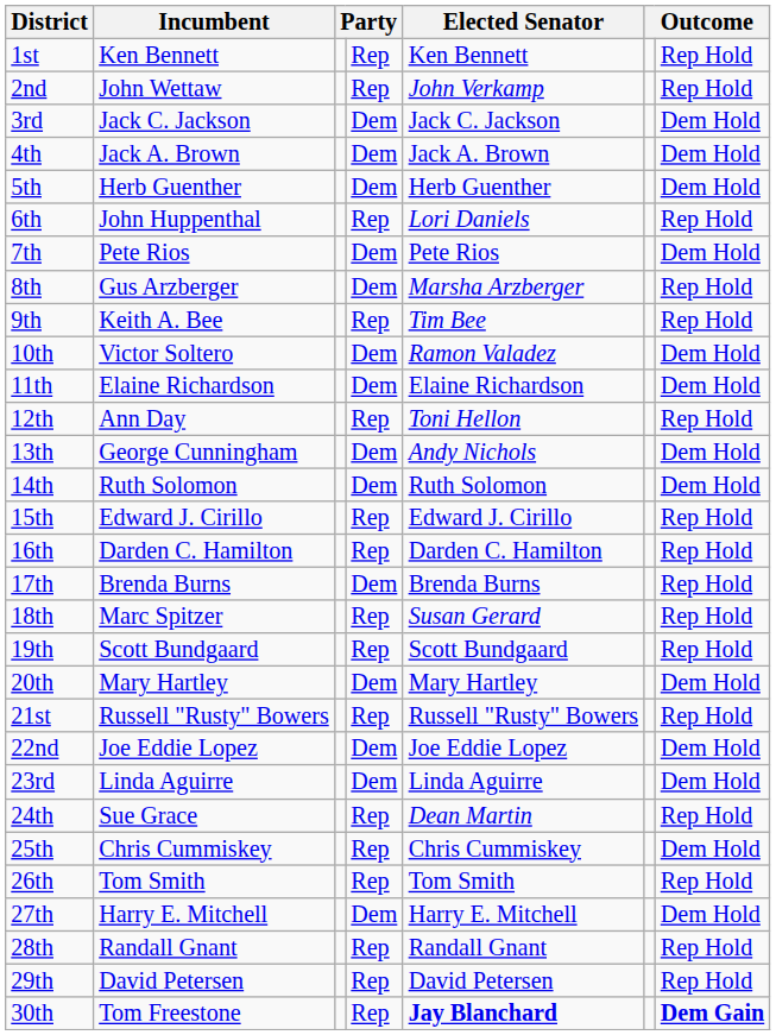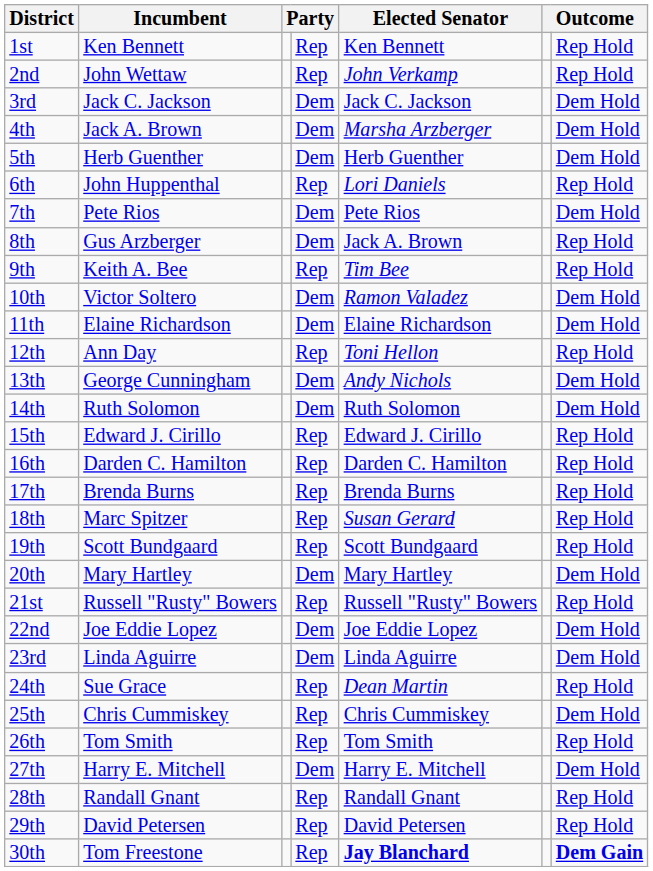 <table class="sortable wikitable" style="font-size:95%;line-height:14px;">
 <tr>
 <th>District</th>
 <th>Incumbent</th>
 <th colspan="2">Party</th>
 <th>Elected Senator</th>
 <th colspan="2">Outcome</th>
 </tr>
 <tr>
 <td><a href='#'>1st</a></td>
 <td><a href='#'>Ken Bennett</a></td>
 <td style="background:"></td>
 <td><a href='#'>Rep</a></td>
 <td><a href='#'>Ken Bennett</a></td>
 <td style="background:"></td>
 <td><a href='#'>Rep Hold</a></td>
 </tr>
 <tr>
 <td><a href='#'>2nd</a></td>
 <td><a href='#'>John Wettaw</a></td>
 <td style="background:"></td>
 <td><a href='#'>Rep</a></td>
 <td><em><a href='#'>John Verkamp</a></em></td>
 <td style="background:"></td>
 <td><a href='#'>Rep Hold</a></td>
 </tr>
 <tr>
 <td><a href='#'>3rd</a></td>
 <td><a href='#'>Jack C. Jackson</a></td>
 <td style="background:"></td>
 <td><a href='#'>Dem</a></td>
 <td><a href='#'>Jack C. Jackson</a></td>
 <td style="background:"></td>
 <td><a href='#'>Dem Hold</a></td>
 </tr>
 <tr>
 <td><a href='#'>4th</a></td>
 <td><a href='#'>Jack A. Brown</a></td>
 <td style="background:"></td>
 <td><a href='#'>Dem</a></td>
-<td><a href='#'>Jack A. Brown</a></td>
+<td><em><a href='#'>Marsha Arzberger</a></em></td>
 <td style="background:"></td>
 <td><a href='#'>Dem Hold</a></td>
 </tr>
 <tr>
 <td><a href='#'>5th</a></td>
 <td><a href='#'>Herb Guenther</a></td>
 <td style="background:"></td>
 <td><a href='#'>Dem</a></td>
 <td><a href='#'>Herb Guenther</a></td>
 <td style="background:"></td>
 <td><a href='#'>Dem Hold</a></td>
 </tr>
 <tr>
 <td><a href='#'>6th</a></td>
 <td><a href='#'>John Huppenthal</a></td>
 <td style="background:"></td>
 <td><a href='#'>Rep</a></td>
 <td><em><a href='#'>Lori Daniels</a></em></td>
 <td style="background:"></td>
 <td><a href='#'>Rep Hold</a></td>
 </tr>
 <tr>
 <td><a href='#'>7th</a></td>
 <td><a href='#'>Pete Rios</a></td>
 <td style="background:"></td>
 <td><a href='#'>Dem</a></td>
 <td><a href='#'>Pete Rios</a></td>
 <td style="background:"></td>
 <td><a href='#'>Dem Hold</a></td>
 </tr>
 <tr>
 <td><a href='#'>8th</a></td>
 <td><a href='#'>Gus Arzberger</a></td>
 <td style="background:"></td>
 <td><a href='#'>Dem</a></td>
-<td><em><a href='#'>Marsha Arzberger</a></em></td>
+<td><a href='#'>Jack A. Brown</a></td>
 <td style="background:"></td>
 <td><a href='#'>Rep Hold</a></td>
 </tr>
 <tr>
 <td><a href='#'>9th</a></td>
 <td><a href='#'>Keith A. Bee</a></td>
 <td style="background:"></td>
 <td><a href='#'>Rep</a></td>
 <td><em><a href='#'>Tim Bee</a></em></td>
 <td style="background:"></td>
 <td><a href='#'>Rep Hold</a></td>
 </tr>
 <tr>
 <td><a href='#'>10th</a></td>
 <td><a href='#'>Victor Soltero</a></td>
 <td style="background:"></td>
 <td><a href='#'>Dem</a></td>
 <td><em><a href='#'>Ramon Valadez</a></em></td>
 <td style="background:"></td>
 <td><a href='#'>Dem Hold</a></td>
 </tr>
 <tr>
 <td><a href='#'>11th</a></td>
 <td><a href='#'>Elaine Richardson</a></td>
 <td style="background:"></td>
 <td><a href='#'>Dem</a></td>
 <td><a href='#'>Elaine Richardson</a></td>
 <td style="background:"></td>
 <td><a href='#'>Dem Hold</a></td>
 </tr>
 <tr>
 <td><a href='#'>12th</a></td>
 <td><a href='#'>Ann Day</a></td>
 <td style="background:"></td>
 <td><a href='#'>Rep</a></td>
 <td><em><a href='#'>Toni Hellon</a></em></td>
 <td style="background:"></td>
 <td><a href='#'>Rep Hold</a></td>
 </tr>
 <tr>
 <td><a href='#'>13th</a></td>
 <td><a href='#'>George Cunningham</a></td>
 <td style="background:"></td>
 <td><a href='#'>Dem</a></td>
 <td><em><a href='#'>Andy Nichols</a></em></td>
 <td style="background:"></td>
 <td><a href='#'>Dem Hold</a></td>
 </tr>
 <tr>
 <td><a href='#'>14th</a></td>
 <td><a href='#'>Ruth Solomon</a></td>
 <td style="background:"></td>
 <td><a href='#'>Dem</a></td>
 <td><a href='#'>Ruth Solomon</a></td>
 <td style="background:"></td>
 <td><a href='#'>Dem Hold</a></td>
 </tr>
 <tr>
 <td><a href='#'>15th</a></td>
 <td><a href='#'>Edward J. Cirillo</a></td>
 <td style="background:"></td>
 <td><a href='#'>Rep</a></td>
 <td><a href='#'>Edward J. Cirillo</a></td>
 <td style="background:"></td>
 <td><a href='#'>Rep Hold</a></td>
 </tr>
 <tr>
 <td><a href='#'>16th</a></td>
 <td><a href='#'>Darden C. Hamilton</a></td>
 <td style="background:"></td>
 <td><a href='#'>Rep</a></td>
 <td><a href='#'>Darden C. Hamilton</a></td>
 <td style="background:"></td>
 <td><a href='#'>Rep Hold</a></td>
 </tr>
 <tr>
 <td><a href='#'>17th</a></td>
 <td><a href='#'>Brenda Burns</a></td>
 <td style="background:"></td>
-<td><a href='#'>Dem</a></td>
+<td><a href='#'>Rep</a></td>
 <td><a href='#'>Brenda Burns</a></td>
 <td style="background:"></td>
 <td><a href='#'>Rep Hold</a></td>
 </tr>
 <tr>
 <td><a href='#'>18th</a></td>
 <td><a href='#'>Marc Spitzer</a></td>
 <td style="background:"></td>
 <td><a href='#'>Rep</a></td>
 <td><em><a href='#'>Susan Gerard</a></em></td>
 <td style="background:"></td>
 <td><a href='#'>Rep Hold</a></td>
 </tr>
 <tr>
 <td><a href='#'>19th</a></td>
 <td><a href='#'>Scott Bundgaard</a></td>
 <td style="background:"></td>
 <td><a href='#'>Rep</a></td>
 <td><a href='#'>Scott Bundgaard</a></td>
 <td style="background:"></td>
 <td><a href='#'>Rep Hold</a></td>
 </tr>
 <tr>
 <td><a href='#'>20th</a></td>
 <td><a href='#'>Mary Hartley</a></td>
 <td style="background:"></td>
 <td><a href='#'>Dem</a></td>
 <td><a href='#'>Mary Hartley</a></td>
 <td style="background:"></td>
 <td><a href='#'>Dem Hold</a></td>
 </tr>
 <tr>
 <td><a href='#'>21st</a></td>
 <td><a href='#'>Russell "Rusty" Bowers</a></td>
 <td style="background:"></td>
 <td><a href='#'>Rep</a></td>
 <td><a href='#'>Russell "Rusty" Bowers</a></td>
 <td style="background:"></td>
 <td><a href='#'>Rep Hold</a></td>
 </tr>
 <tr>
 <td><a href='#'>22nd</a></td>
 <td><a href='#'>Joe Eddie Lopez</a></td>
 <td style="background:"></td>
 <td><a href='#'>Dem</a></td>
 <td><a href='#'>Joe Eddie Lopez</a></td>
 <td style="background:"></td>
 <td><a href='#'>Dem Hold</a></td>
 </tr>
 <tr>
 <td><a href='#'>23rd</a></td>
 <td><a href='#'>Linda Aguirre</a></td>
 <td style="background:"></td>
 <td><a href='#'>Dem</a></td>
 <td><a href='#'>Linda Aguirre</a></td>
 <td style="background:"></td>
 <td><a href='#'>Dem Hold</a></td>
 </tr>
 <tr>
 <td><a href='#'>24th</a></td>
 <td><a href='#'>Sue Grace</a></td>
 <td style="background:"></td>
 <td><a href='#'>Rep</a></td>
 <td><em><a href='#'>Dean Martin</a></em></td>
 <td style="background:"></td>
 <td><a href='#'>Rep Hold</a></td>
 </tr>
 <tr>
 <td><a href='#'>25th</a></td>
 <td><a href='#'>Chris Cummiskey</a></td>
 <td style="background:"></td>
 <td><a href='#'>Rep</a></td>
 <td><a href='#'>Chris Cummiskey</a></td>
 <td style="background:"></td>
 <td><a href='#'>Dem Hold</a></td>
 </tr>
 <tr>
 <td><a href='#'>26th</a></td>
 <td><a href='#'>Tom Smith</a></td>
 <td style="background:"></td>
 <td><a href='#'>Rep</a></td>
 <td><a href='#'>Tom Smith</a></td>
 <td style="background:"></td>
 <td><a href='#'>Rep Hold</a></td>
 </tr>
 <tr>
 <td><a href='#'>27th</a></td>
 <td><a href='#'>Harry E. Mitchell</a></td>
 <td style="background:"></td>
 <td><a href='#'>Dem</a></td>
 <td><a href='#'>Harry E. Mitchell</a></td>
 <td style="background:"></td>
 <td><a href='#'>Dem Hold</a></td>
 </tr>
 <tr>
 <td><a href='#'>28th</a></td>
 <td><a href='#'>Randall Gnant</a></td>
 <td style="background:"></td>
 <td><a href='#'>Rep</a></td>
 <td><a href='#'>Randall Gnant</a></td>
 <td style="background:"></td>
 <td><a href='#'>Rep Hold</a></td>
 </tr>
 <tr>
 <td><a href='#'>29th</a></td>
 <td><a href='#'>David Petersen</a></td>
 <td style="background:"></td>
 <td><a href='#'>Rep</a></td>
 <td><a href='#'>David Petersen</a></td>
 <td style="background:"></td>
 <td><a href='#'>Rep Hold</a></td>
 </tr>
 <tr>
 <td><a href='#'>30th</a></td>
 <td><a href='#'>Tom Freestone</a></td>
 <td style="background:"></td>
 <td><a href='#'>Rep</a></td>
 <td><strong><a href='#'>Jay Blanchard</a></strong></td>
 <td style="background:"></td>
 <td><strong><a href='#'>Dem Gain</a></strong></td>
 </tr>
 <tr>
 </tr>
 </table>
